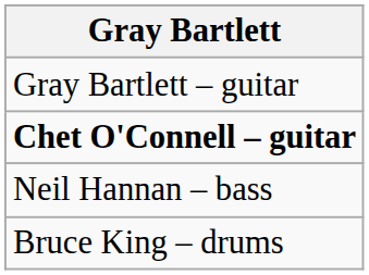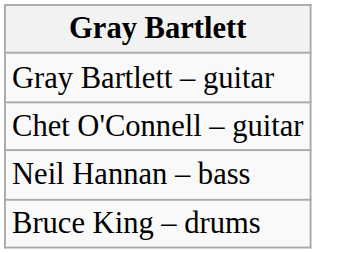 <table class="wikitable">
 <tr>
 <th>Gray Bartlett</th>
 </tr>
 <tr>
 <td>Gray Bartlett – guitar</td>
 </tr>
 <tr>
-<td><strong>Chet O'Connell – guitar</strong></td>
+<td>Chet O'Connell – guitar</td>
 </tr>
 <tr>
 <td>Neil Hannan – bass</td>
 </tr>
 <tr>
 <td>Bruce King – drums</td>
 </tr>
 </table>
